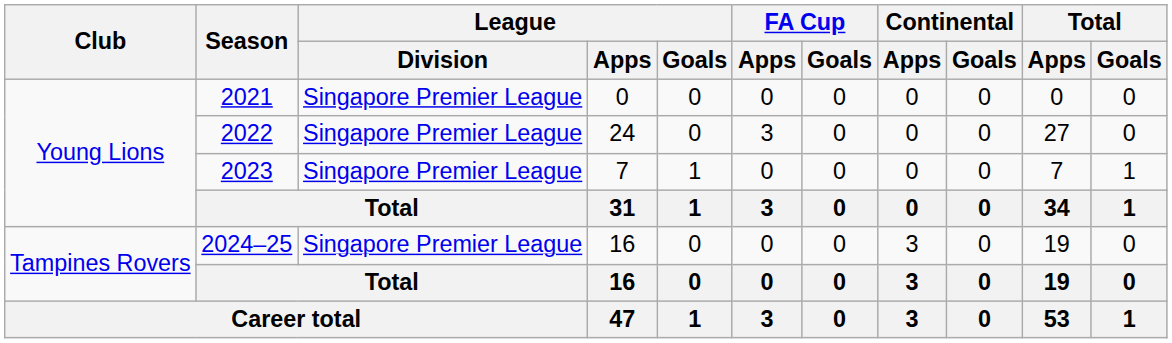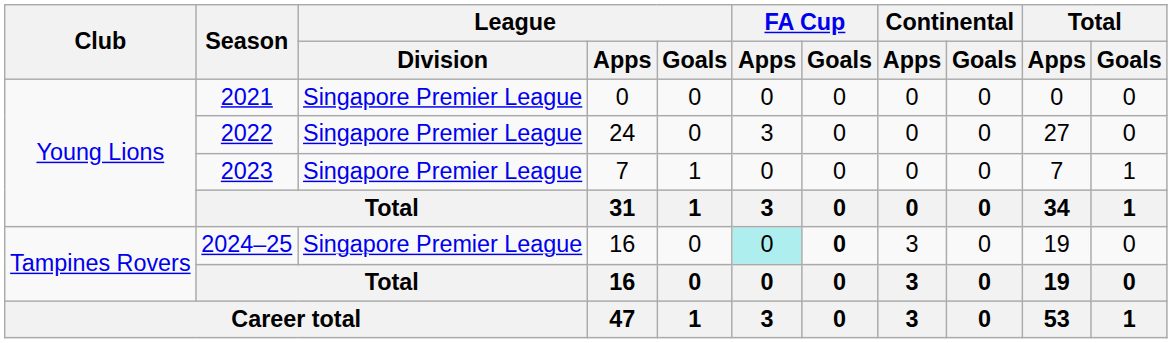 <table class="wikitable" style="text-align: center">
 <tr>
 <th rowspan="2">Club</th>
 <th rowspan="2">Season</th>
 <th colspan="3">League</th>
 <th colspan="2"><a href='#'>FA Cup</a></th>
 <th colspan="2">Continental</th>
 <th colspan="2">Total</th>
 </tr>
 <tr>
 <th>Division</th>
 <th>Apps</th>
 <th>Goals</th>
 <th>Apps</th>
 <th>Goals</th>
 <th>Apps</th>
 <th>Goals</th>
 <th>Apps</th>
 <th>Goals</th>
 </tr>
 <tr>
 <td rowspan="4"><a href='#'>Young Lions</a></td>
 <td><a href='#'>2021</a></td>
 <td><a href='#'>Singapore Premier League</a></td>
 <td>0</td>
 <td>0</td>
 <td>0</td>
 <td>0</td>
 <td>0</td>
 <td>0</td>
 <td>0</td>
 <td>0</td>
 </tr>
 <tr>
 <td><a href='#'>2022</a></td>
 <td><a href='#'>Singapore Premier League</a></td>
 <td>24</td>
 <td>0</td>
 <td>3</td>
 <td>0</td>
 <td>0</td>
 <td>0</td>
 <td>27</td>
 <td>0</td>
 </tr>
 <tr>
 <td><a href='#'>2023</a></td>
 <td><a href='#'>Singapore Premier League</a></td>
 <td>7</td>
 <td>1</td>
 <td>0</td>
 <td>0</td>
 <td>0</td>
 <td>0</td>
 <td>7</td>
 <td>1</td>
 </tr>
 <tr>
 <th colspan="2">Total</th>
 <th>31</th>
 <th>1</th>
 <th>3</th>
 <th>0</th>
 <th>0</th>
 <th>0</th>
 <th>34</th>
 <th>1</th>
 </tr>
 <tr>
 <td rowspan="2"><a href='#'>Tampines Rovers</a></td>
 <td><a href='#'>2024–25</a></td>
 <td><a href='#'>Singapore Premier League</a></td>
 <td>16</td>
 <td>0</td>
-<td>0</td>
-<td>0</td>
+<td style="background: paleturquoise;">0</td>
+<td><strong>0</strong></td>
 <td>3</td>
 <td>0</td>
 <td>19</td>
 <td>0</td>
 </tr>
 <tr>
 <th colspan="2">Total</th>
 <th>16</th>
 <th>0</th>
 <th>0</th>
 <th>0</th>
 <th>3</th>
 <th>0</th>
 <th>19</th>
 <th>0</th>
 </tr>
 <tr>
 <th colspan="3">Career total</th>
 <th>47</th>
 <th>1</th>
 <th>3</th>
 <th>0</th>
 <th>3</th>
 <th>0</th>
 <th>53</th>
 <th>1</th>
 </tr>
 </table>
